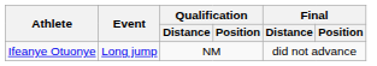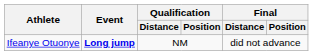 <table class=wikitable style="font-size:90%">
 <tr>
 <th rowspan="2">Athlete</th>
 <th rowspan="2">Event</th>
 <th colspan="2">Qualification</th>
 <th colspan="2">Final</th>
 </tr>
 <tr style="font-size:95%">
 <th>Distance</th>
 <th>Position</th>
 <th>Distance</th>
 <th>Position</th>
 </tr>
 <tr style=text-align:center>
 <td style=text-align:left><a href='#'>Ifeanye Otuonye</a></td>
-<td style=text-align:left><a href='#'>Long jump</a></td>
+<td style=text-align:left><strong><a href='#'>Long jump</a></strong></td>
 <td colspan="2">NM</td>
 <td colspan="2">did not advance</td>
 </tr>
 </table>
